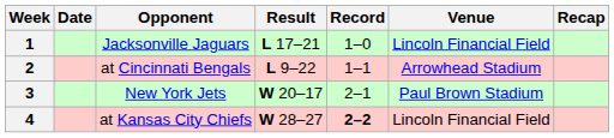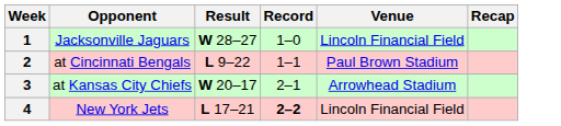 <table class="wikitable" style="text-align:center">
 <tr>
 <th>Week</th>
-<th>Date</th>
 <th>Opponent</th>
 <th>Result</th>
 <th>Record</th>
 <th>Venue</th>
 <th>Recap</th>
 </tr>
 <tr style="background:#cfc">
 <th>1</th>
-<td></td>
 <td><a href='#'>Jacksonville Jaguars</a></td>
-<td><strong>L</strong> 17–21</td>
+<td><strong>W</strong> 28–27</td>
 <td>1–0</td>
 <td><a href='#'>Lincoln Financial Field</a></td>
 <td></td>
 </tr>
 <tr style="background:#fcc">
 <th>2</th>
-<td></td>
 <td>at <a href='#'>Cincinnati Bengals</a></td>
 <td><strong>L</strong> 9–22</td>
 <td>1–1</td>
-<td><a href='#'>Arrowhead Stadium</a></td>
+<td><a href='#'>Paul Brown Stadium</a></td>
 <td></td>
 </tr>
 <tr style="background:#cfc">
 <th>3</th>
-<td></td>
-<td><a href='#'>New York Jets</a></td>
+<td>at <a href='#'>Kansas City Chiefs</a></td>
 <td><strong>W</strong> 20–17</td>
 <td>2–1</td>
-<td><a href='#'>Paul Brown Stadium</a></td>
+<td><a href='#'>Arrowhead Stadium</a></td>
 <td></td>
 </tr>
 <tr style="background:#fcc">
 <th>4</th>
-<td></td>
-<td>at <a href='#'>Kansas City Chiefs</a></td>
-<td><strong>W</strong> 28–27</td>
+<td><a href='#'>New York Jets</a></td>
+<td><strong>L</strong> 17–21</td>
 <td><strong>2–2</strong></td>
 <td>Lincoln Financial Field</td>
 <td></td>
 </tr>
 </table>
